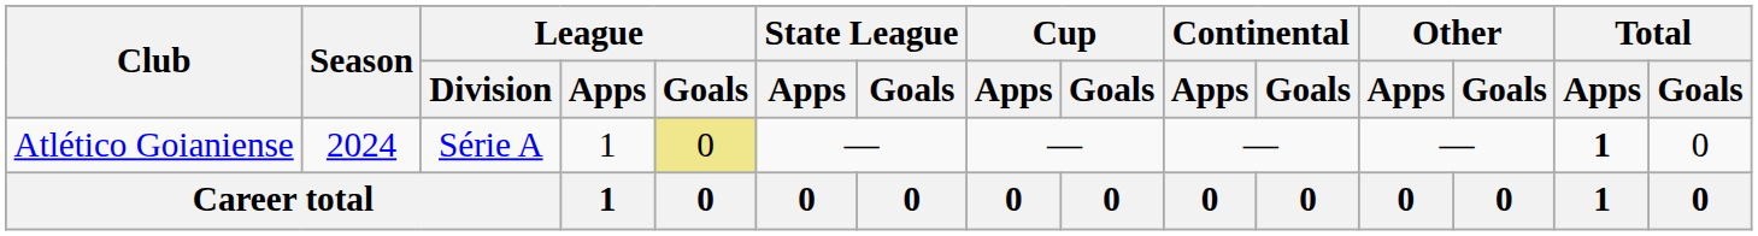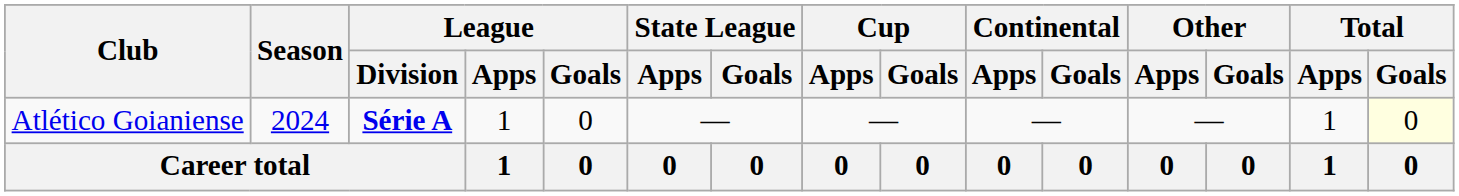 <table class="wikitable" style="text-align: center;">
 <tr>
 <th rowspan="2">Club</th>
 <th rowspan="2">Season</th>
 <th colspan="3">League</th>
 <th colspan="2">State League</th>
 <th colspan="2">Cup</th>
 <th colspan="2">Continental</th>
 <th colspan="2">Other</th>
 <th colspan="2">Total</th>
 </tr>
 <tr>
 <th>Division</th>
 <th>Apps</th>
 <th>Goals</th>
 <th>Apps</th>
 <th>Goals</th>
 <th>Apps</th>
 <th>Goals</th>
 <th>Apps</th>
 <th>Goals</th>
 <th>Apps</th>
 <th>Goals</th>
 <th>Apps</th>
 <th>Goals</th>
 </tr>
 <tr>
 <td valign="center"><a href='#'>Atlético Goianiense</a></td>
 <td><a href='#'>2024</a></td>
-<td><a href='#'>Série A</a></td>
+<td><strong><a href='#'>Série A</a></strong></td>
 <td>1</td>
-<td style="background: khaki;">0</td>
+<td>0</td>
 <td colspan="2">—</td>
 <td colspan="2">—</td>
 <td colspan="2">—</td>
 <td colspan="2">—</td>
-<td><strong>1</strong></td>
-<td>0</td>
+<td>1</td>
+<td style="background: lightyellow;">0</td>
 </tr>
 <tr>
 <th colspan="3"><strong>Career total</strong></th>
 <th>1</th>
 <th>0</th>
 <th>0</th>
 <th>0</th>
 <th>0</th>
 <th>0</th>
 <th>0</th>
 <th>0</th>
 <th>0</th>
 <th>0</th>
 <th>1</th>
 <th>0</th>
 </tr>
 </table>
